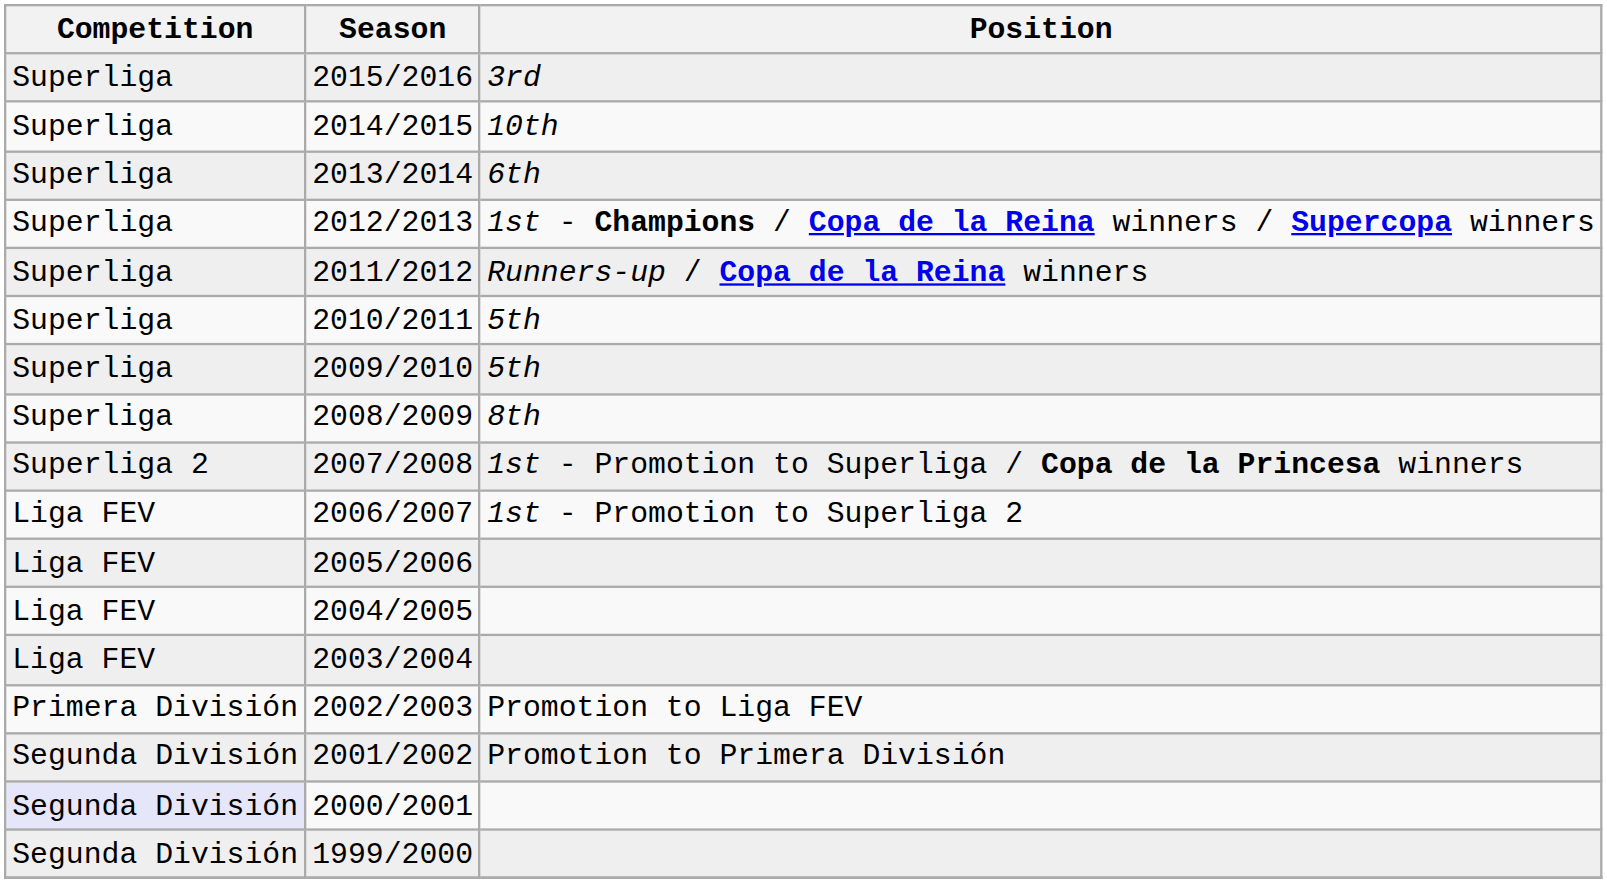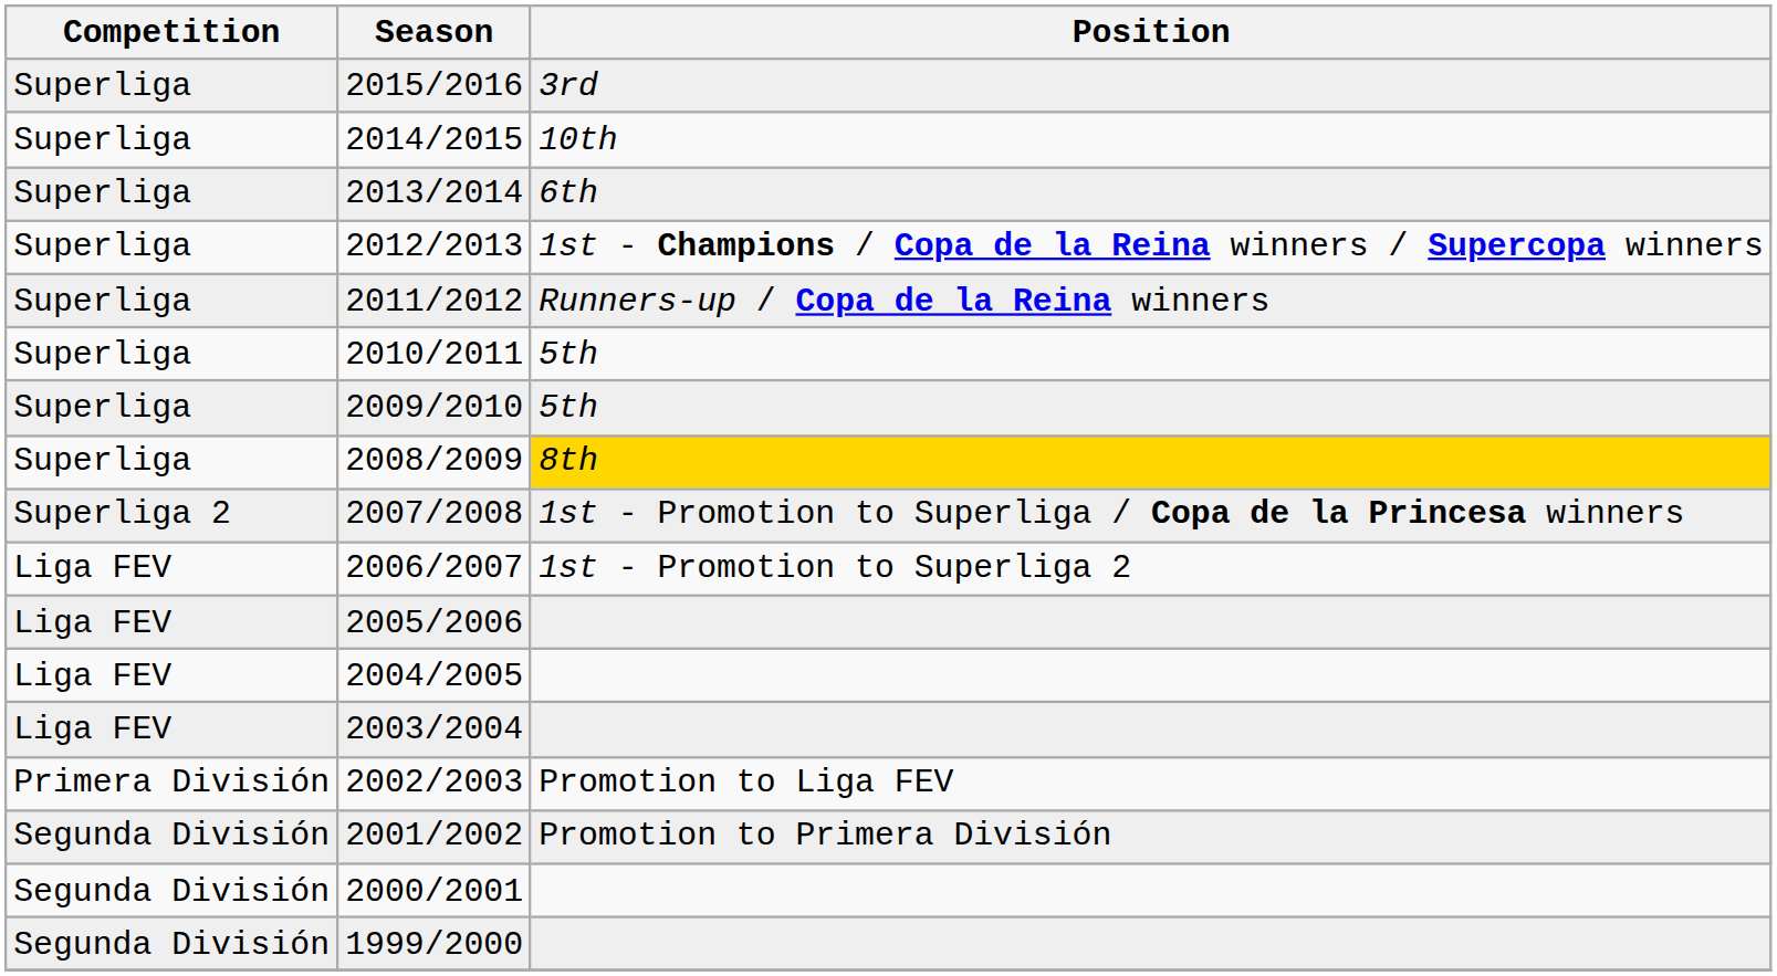 <table class="wikitable">
 <tr>
 <th>Competition</th>
 <th>Season</th>
 <th>Position</th>
 </tr>
 <tr bgcolor="#EFEFEF">
 <td>Superliga</td>
 <td>2015/2016</td>
 <td><em>3rd</em></td>
 </tr>
 <tr ----->
 <td>Superliga</td>
 <td>2014/2015</td>
 <td><em>10th</em></td>
 </tr>
 <tr bgcolor="#EFEFEF">
 <td>Superliga</td>
 <td>2013/2014</td>
 <td><em>6th</em></td>
 </tr>
 <tr ---->
 <td>Superliga</td>
 <td>2012/2013</td>
 <td><em>1st</em> - <strong>Champions</strong> / <strong><a href='#'>Copa de la Reina</a></strong> winners / <strong><a href='#'>Supercopa</a></strong> winners</td>
 </tr>
 <tr bgcolor="#EFEFEF">
 <td>Superliga</td>
 <td>2011/2012</td>
 <td><em>Runners-up</em> / <strong><a href='#'>Copa de la Reina</a></strong> winners</td>
 </tr>
 <tr ---->
 <td>Superliga</td>
 <td>2010/2011</td>
 <td><em>5th</em></td>
 </tr>
 <tr bgcolor="#EFEFEF">
 <td>Superliga</td>
 <td>2009/2010</td>
 <td><em>5th</em></td>
 </tr>
 <tr ---->
 <td>Superliga</td>
 <td>2008/2009</td>
-<td><em>8th</em></td>
+<td style="background: gold;"><em>8th</em></td>
 </tr>
 <tr bgcolor="#EFEFEF">
 <td>Superliga 2</td>
 <td>2007/2008</td>
 <td><em>1st</em> - Promotion to Superliga / <strong>Copa de la Princesa</strong> winners</td>
 </tr>
 <tr ---->
 <td>Liga FEV</td>
 <td>2006/2007</td>
 <td><em>1st</em> - Promotion to Superliga 2</td>
 </tr>
 <tr bgcolor="#EFEFEF">
 <td>Liga FEV</td>
 <td>2005/2006</td>
 <td></td>
 </tr>
 <tr>
 <td>Liga FEV</td>
 <td>2004/2005</td>
 <td></td>
 </tr>
 <tr bgcolor="#EFEFEF">
 <td>Liga FEV</td>
 <td>2003/2004</td>
 <td></td>
 </tr>
 <tr>
 <td>Primera División</td>
 <td>2002/2003</td>
 <td>Promotion to Liga FEV</td>
 </tr>
 <tr bgcolor="#EFEFEF">
 <td>Segunda División</td>
 <td>2001/2002</td>
 <td>Promotion to Primera División</td>
 </tr>
 <tr>
-<td style="background: lavender;">Segunda División</td>
+<td>Segunda División</td>
 <td>2000/2001</td>
 <td></td>
 </tr>
 <tr bgcolor="#EFEFEF">
 <td>Segunda División</td>
 <td>1999/2000</td>
 <td></td>
 </tr>
 <tr ---->
 </tr>
 </table>
